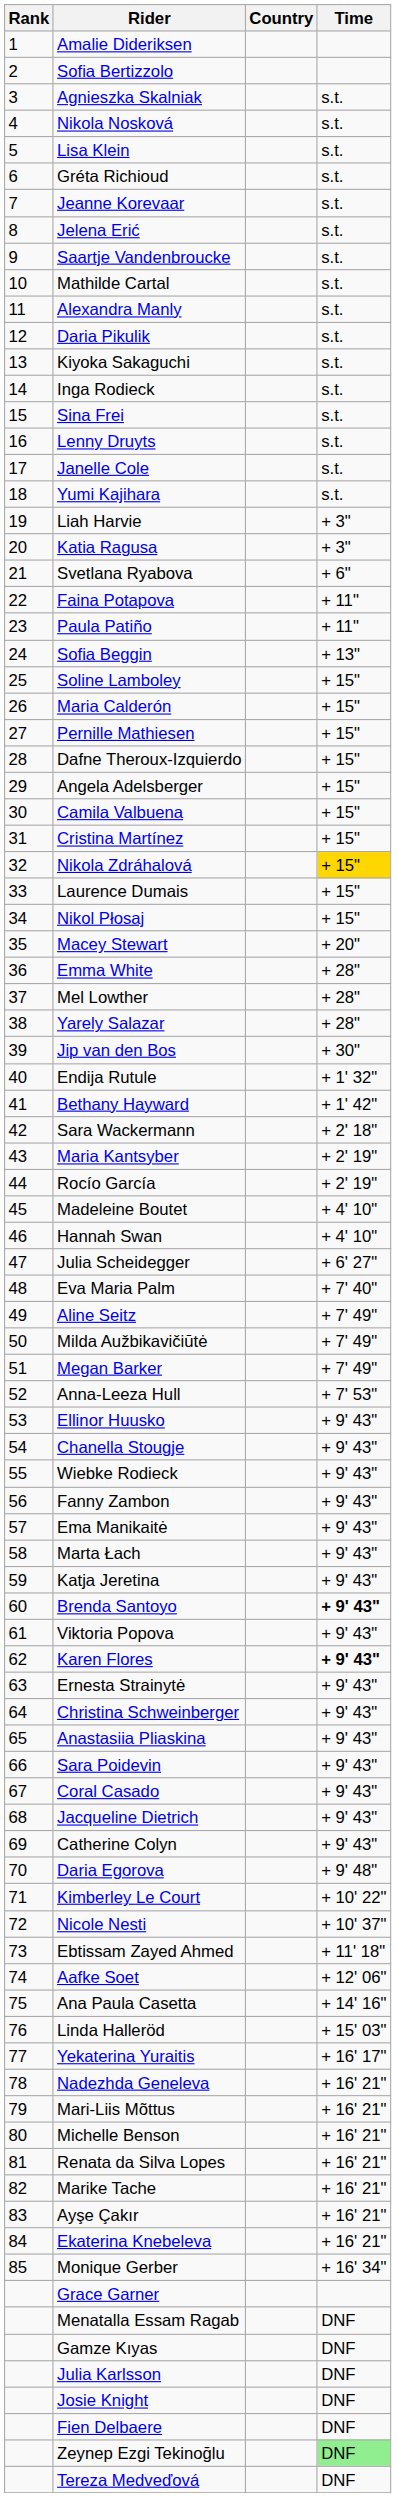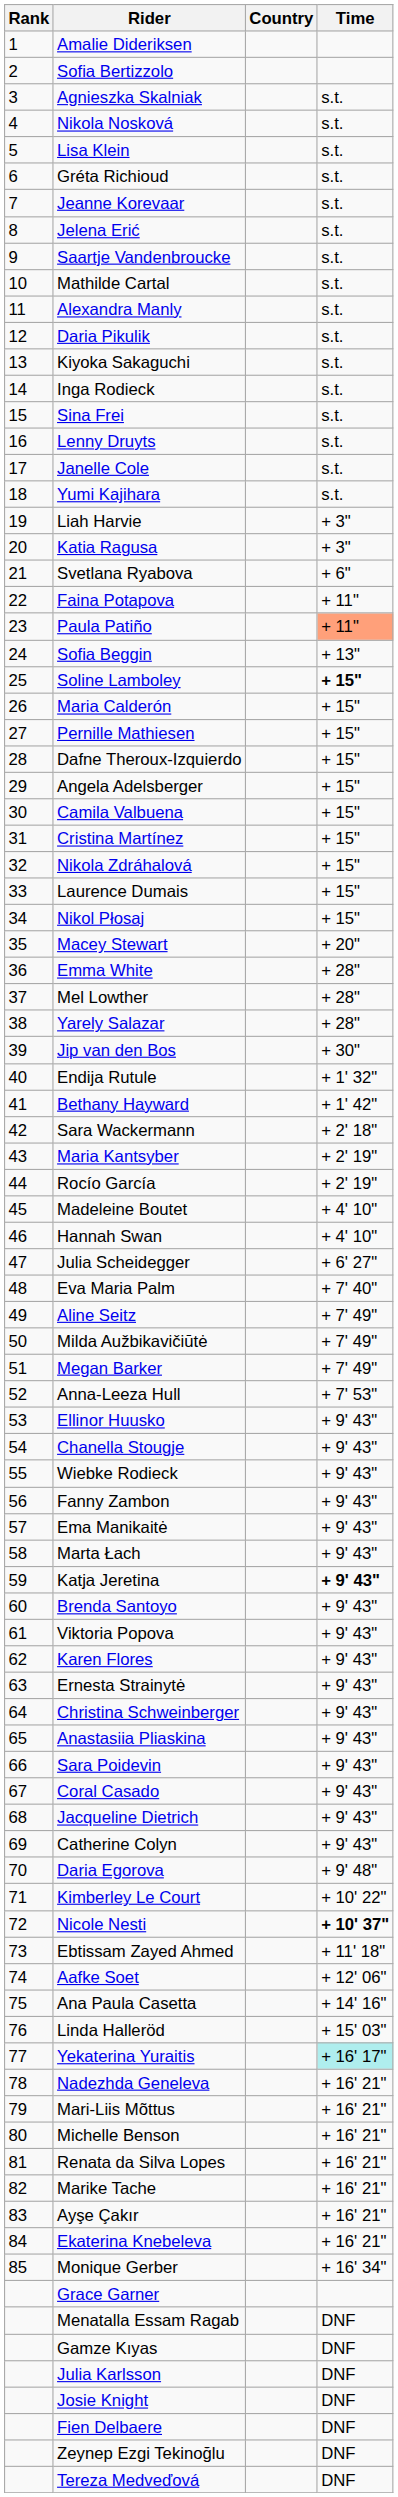 <table class="wikitable" style="font-size:95%; text-align:left;">
 <tr>
 <th>Rank</th>
 <th>Rider</th>
 <th>Country</th>
 <th>Time</th>
 </tr>
 <tr>
 <td>1</td>
 <td><a href='#'>Amalie Dideriksen</a></td>
 <td></td>
 <td></td>
 </tr>
 <tr>
 <td>2</td>
 <td><a href='#'>Sofia Bertizzolo</a></td>
 <td></td>
 <td></td>
 </tr>
 <tr>
 <td>3</td>
 <td><a href='#'>Agnieszka Skalniak</a></td>
 <td></td>
 <td>s.t.</td>
 </tr>
 <tr>
 <td>4</td>
 <td><a href='#'>Nikola Nosková</a></td>
 <td></td>
 <td>s.t.</td>
 </tr>
 <tr>
 <td>5</td>
 <td><a href='#'>Lisa Klein</a></td>
 <td></td>
 <td>s.t.</td>
 </tr>
 <tr>
 <td>6</td>
 <td>Gréta Richioud</td>
 <td></td>
 <td>s.t.</td>
 </tr>
 <tr>
 <td>7</td>
 <td><a href='#'>Jeanne Korevaar</a></td>
 <td></td>
 <td>s.t.</td>
 </tr>
 <tr>
 <td>8</td>
 <td><a href='#'>Jelena Erić</a></td>
 <td></td>
 <td>s.t.</td>
 </tr>
 <tr>
 <td>9</td>
 <td><a href='#'>Saartje Vandenbroucke</a></td>
 <td></td>
 <td>s.t.</td>
 </tr>
 <tr>
 <td>10</td>
 <td>Mathilde Cartal</td>
 <td></td>
 <td>s.t.</td>
 </tr>
 <tr>
 <td>11</td>
 <td><a href='#'>Alexandra Manly</a></td>
 <td></td>
 <td>s.t.</td>
 </tr>
 <tr>
 <td>12</td>
 <td><a href='#'>Daria Pikulik</a></td>
 <td></td>
 <td>s.t.</td>
 </tr>
 <tr>
 <td>13</td>
 <td>Kiyoka Sakaguchi</td>
 <td></td>
 <td>s.t.</td>
 </tr>
 <tr>
 <td>14</td>
 <td>Inga Rodieck</td>
 <td></td>
 <td>s.t.</td>
 </tr>
 <tr>
 <td>15</td>
 <td><a href='#'>Sina Frei</a></td>
 <td></td>
 <td>s.t.</td>
 </tr>
 <tr>
 <td>16</td>
 <td><a href='#'>Lenny Druyts</a></td>
 <td></td>
 <td>s.t.</td>
 </tr>
 <tr>
 <td>17</td>
 <td><a href='#'>Janelle Cole</a></td>
 <td></td>
 <td>s.t.</td>
 </tr>
 <tr>
 <td>18</td>
 <td><a href='#'>Yumi Kajihara</a></td>
 <td></td>
 <td>s.t.</td>
 </tr>
 <tr>
 <td>19</td>
 <td>Liah Harvie</td>
 <td></td>
 <td>+ 3"</td>
 </tr>
 <tr>
 <td>20</td>
 <td><a href='#'>Katia Ragusa</a></td>
 <td></td>
 <td>+ 3"</td>
 </tr>
 <tr>
 <td>21</td>
 <td>Svetlana Ryabova</td>
 <td></td>
 <td>+ 6"</td>
 </tr>
 <tr>
 <td>22</td>
 <td><a href='#'>Faina Potapova</a></td>
 <td></td>
 <td>+ 11"</td>
 </tr>
 <tr>
 <td>23</td>
 <td><a href='#'>Paula Patiño</a></td>
 <td></td>
-<td>+ 11"</td>
+<td style="background: lightsalmon;">+ 11"</td>
 </tr>
 <tr>
 <td>24</td>
 <td><a href='#'>Sofia Beggin</a></td>
 <td></td>
 <td>+ 13"</td>
 </tr>
 <tr>
 <td>25</td>
 <td><a href='#'>Soline Lamboley</a></td>
 <td></td>
-<td>+ 15"</td>
+<td><strong>+ 15"</strong></td>
 </tr>
 <tr>
 <td>26</td>
 <td><a href='#'>Maria Calderón</a></td>
 <td></td>
 <td>+ 15"</td>
 </tr>
 <tr>
 <td>27</td>
 <td><a href='#'>Pernille Mathiesen</a></td>
 <td></td>
 <td>+ 15"</td>
 </tr>
 <tr>
 <td>28</td>
 <td>Dafne Theroux-Izquierdo</td>
 <td></td>
 <td>+ 15"</td>
 </tr>
 <tr>
 <td>29</td>
 <td>Angela Adelsberger</td>
 <td></td>
 <td>+ 15"</td>
 </tr>
 <tr>
 <td>30</td>
 <td><a href='#'>Camila Valbuena</a></td>
 <td></td>
 <td>+ 15"</td>
 </tr>
 <tr>
 <td>31</td>
 <td><a href='#'>Cristina Martínez</a></td>
 <td></td>
 <td>+ 15"</td>
 </tr>
 <tr>
 <td>32</td>
 <td><a href='#'>Nikola Zdráhalová</a></td>
 <td></td>
-<td style="background: gold;">+ 15"</td>
+<td>+ 15"</td>
 </tr>
 <tr>
 <td>33</td>
 <td>Laurence Dumais</td>
 <td></td>
 <td>+ 15"</td>
 </tr>
 <tr>
 <td>34</td>
 <td><a href='#'>Nikol Płosaj</a></td>
 <td></td>
 <td>+ 15"</td>
 </tr>
 <tr>
 <td>35</td>
 <td><a href='#'>Macey Stewart</a></td>
 <td></td>
 <td>+ 20"</td>
 </tr>
 <tr>
 <td>36</td>
 <td><a href='#'>Emma White</a></td>
 <td></td>
 <td>+ 28"</td>
 </tr>
 <tr>
 <td>37</td>
 <td>Mel Lowther</td>
 <td></td>
 <td>+ 28"</td>
 </tr>
 <tr>
 <td>38</td>
 <td><a href='#'>Yarely Salazar</a></td>
 <td></td>
 <td>+ 28"</td>
 </tr>
 <tr>
 <td>39</td>
 <td><a href='#'>Jip van den Bos</a></td>
 <td></td>
 <td>+ 30"</td>
 </tr>
 <tr>
 <td>40</td>
 <td>Endija Rutule</td>
 <td></td>
 <td>+ 1' 32"</td>
 </tr>
 <tr>
 <td>41</td>
 <td><a href='#'>Bethany Hayward</a></td>
 <td></td>
 <td>+ 1' 42"</td>
 </tr>
 <tr>
 <td>42</td>
 <td>Sara Wackermann</td>
 <td></td>
 <td>+ 2' 18"</td>
 </tr>
 <tr>
 <td>43</td>
 <td><a href='#'>Maria Kantsyber</a></td>
 <td></td>
 <td>+ 2' 19"</td>
 </tr>
 <tr>
 <td>44</td>
 <td>Rocío García</td>
 <td></td>
 <td>+ 2' 19"</td>
 </tr>
 <tr>
 <td>45</td>
 <td>Madeleine Boutet</td>
 <td></td>
 <td>+ 4' 10"</td>
 </tr>
 <tr>
 <td>46</td>
 <td>Hannah Swan</td>
 <td></td>
 <td>+ 4' 10"</td>
 </tr>
 <tr>
 <td>47</td>
 <td>Julia Scheidegger</td>
 <td></td>
 <td>+ 6' 27"</td>
 </tr>
 <tr>
 <td>48</td>
 <td>Eva Maria Palm</td>
 <td></td>
 <td>+ 7' 40"</td>
 </tr>
 <tr>
 <td>49</td>
 <td><a href='#'>Aline Seitz</a></td>
 <td></td>
 <td>+ 7' 49"</td>
 </tr>
 <tr>
 <td>50</td>
 <td>Milda Aužbikavičiūtė</td>
 <td></td>
 <td>+ 7' 49"</td>
 </tr>
 <tr>
 <td>51</td>
 <td><a href='#'>Megan Barker</a></td>
 <td></td>
 <td>+ 7' 49"</td>
 </tr>
 <tr>
 <td>52</td>
 <td>Anna-Leeza Hull</td>
 <td></td>
 <td>+ 7' 53"</td>
 </tr>
 <tr>
 <td>53</td>
 <td><a href='#'>Ellinor Huusko</a></td>
 <td></td>
 <td>+ 9' 43"</td>
 </tr>
 <tr>
 <td>54</td>
 <td><a href='#'>Chanella Stougje</a></td>
 <td></td>
 <td>+ 9' 43"</td>
 </tr>
 <tr>
 <td>55</td>
 <td>Wiebke Rodieck</td>
 <td></td>
 <td>+ 9' 43"</td>
 </tr>
 <tr>
 <td>56</td>
 <td>Fanny Zambon</td>
 <td></td>
 <td>+ 9' 43"</td>
 </tr>
 <tr>
 <td>57</td>
 <td>Ema Manikaitė</td>
 <td></td>
 <td>+ 9' 43"</td>
 </tr>
 <tr>
 <td>58</td>
 <td>Marta Łach</td>
 <td></td>
 <td>+ 9' 43"</td>
 </tr>
 <tr>
 <td>59</td>
 <td>Katja Jeretina</td>
 <td></td>
-<td>+ 9' 43"</td>
+<td><strong>+ 9' 43"</strong></td>
 </tr>
 <tr>
 <td>60</td>
 <td><a href='#'>Brenda Santoyo</a></td>
 <td></td>
-<td><strong>+ 9' 43"</strong></td>
+<td>+ 9' 43"</td>
 </tr>
 <tr>
 <td>61</td>
 <td>Viktoria Popova</td>
 <td></td>
 <td>+ 9' 43"</td>
 </tr>
 <tr>
 <td>62</td>
 <td><a href='#'>Karen Flores</a></td>
 <td></td>
-<td><strong>+ 9' 43"</strong></td>
+<td>+ 9' 43"</td>
 </tr>
 <tr>
 <td>63</td>
 <td>Ernesta Strainytė</td>
 <td></td>
 <td>+ 9' 43"</td>
 </tr>
 <tr>
 <td>64</td>
 <td><a href='#'>Christina Schweinberger</a></td>
 <td></td>
 <td>+ 9' 43"</td>
 </tr>
 <tr>
 <td>65</td>
 <td><a href='#'>Anastasiia Pliaskina</a></td>
 <td></td>
 <td>+ 9' 43"</td>
 </tr>
 <tr>
 <td>66</td>
 <td><a href='#'>Sara Poidevin</a></td>
 <td></td>
 <td>+ 9' 43"</td>
 </tr>
 <tr>
 <td>67</td>
 <td><a href='#'>Coral Casado</a></td>
 <td></td>
 <td>+ 9' 43"</td>
 </tr>
 <tr>
 <td>68</td>
 <td><a href='#'>Jacqueline Dietrich</a></td>
 <td></td>
 <td>+ 9' 43"</td>
 </tr>
 <tr>
 <td>69</td>
 <td>Catherine Colyn</td>
 <td></td>
 <td>+ 9' 43"</td>
 </tr>
 <tr>
 <td>70</td>
 <td><a href='#'>Daria Egorova</a></td>
 <td></td>
 <td>+ 9' 48"</td>
 </tr>
 <tr>
 <td>71</td>
 <td><a href='#'>Kimberley Le Court</a></td>
 <td></td>
 <td>+ 10' 22"</td>
 </tr>
 <tr>
 <td>72</td>
 <td><a href='#'>Nicole Nesti</a></td>
 <td></td>
-<td>+ 10' 37"</td>
+<td><strong>+ 10' 37"</strong></td>
 </tr>
 <tr>
 <td>73</td>
 <td>Ebtissam Zayed Ahmed</td>
 <td></td>
 <td>+ 11' 18"</td>
 </tr>
 <tr>
 <td>74</td>
 <td><a href='#'>Aafke Soet</a></td>
 <td></td>
 <td>+ 12' 06"</td>
 </tr>
 <tr>
 <td>75</td>
 <td>Ana Paula Casetta</td>
 <td></td>
 <td>+ 14' 16"</td>
 </tr>
 <tr>
 <td>76</td>
 <td>Linda Halleröd</td>
 <td></td>
 <td>+ 15' 03"</td>
 </tr>
 <tr>
 <td>77</td>
 <td><a href='#'>Yekaterina Yuraitis</a></td>
 <td></td>
-<td>+ 16' 17"</td>
+<td style="background: paleturquoise;">+ 16' 17"</td>
 </tr>
 <tr>
 <td>78</td>
 <td><a href='#'>Nadezhda Geneleva</a></td>
 <td></td>
 <td>+ 16' 21"</td>
 </tr>
 <tr>
 <td>79</td>
 <td>Mari-Liis Mõttus</td>
 <td></td>
 <td>+ 16' 21"</td>
 </tr>
 <tr>
 <td>80</td>
 <td>Michelle Benson</td>
 <td></td>
 <td>+ 16' 21"</td>
 </tr>
 <tr>
 <td>81</td>
 <td>Renata da Silva Lopes</td>
 <td></td>
 <td>+ 16' 21"</td>
 </tr>
 <tr>
 <td>82</td>
 <td>Marike Tache</td>
 <td></td>
 <td>+ 16' 21"</td>
 </tr>
 <tr>
 <td>83</td>
 <td>Ayşe Çakır</td>
 <td></td>
 <td>+ 16' 21"</td>
 </tr>
 <tr>
 <td>84</td>
 <td><a href='#'>Ekaterina Knebeleva</a></td>
 <td></td>
 <td>+ 16' 21"</td>
 </tr>
 <tr>
 <td>85</td>
 <td>Monique Gerber</td>
 <td></td>
 <td>+ 16' 34"</td>
 </tr>
 <tr>
 <td></td>
 <td><a href='#'>Grace Garner</a></td>
 <td></td>
 <td></td>
 </tr>
 <tr>
 <td></td>
 <td>Menatalla Essam Ragab</td>
 <td></td>
 <td>DNF</td>
 </tr>
 <tr>
 <td></td>
 <td>Gamze Kıyas</td>
 <td></td>
 <td>DNF</td>
 </tr>
 <tr>
 <td></td>
 <td><a href='#'>Julia Karlsson</a></td>
 <td></td>
 <td>DNF</td>
 </tr>
 <tr>
 <td></td>
 <td><a href='#'>Josie Knight</a></td>
 <td></td>
 <td>DNF</td>
 </tr>
 <tr>
 <td></td>
 <td><a href='#'>Fien Delbaere</a></td>
 <td></td>
 <td>DNF</td>
 </tr>
 <tr>
 <td></td>
 <td>Zeynep Ezgi Tekinoğlu</td>
 <td></td>
-<td style="background: lightgreen;">DNF</td>
+<td>DNF</td>
 </tr>
 <tr>
 <td></td>
 <td><a href='#'>Tereza Medveďová</a></td>
 <td></td>
 <td>DNF</td>
 </tr>
 </table>
